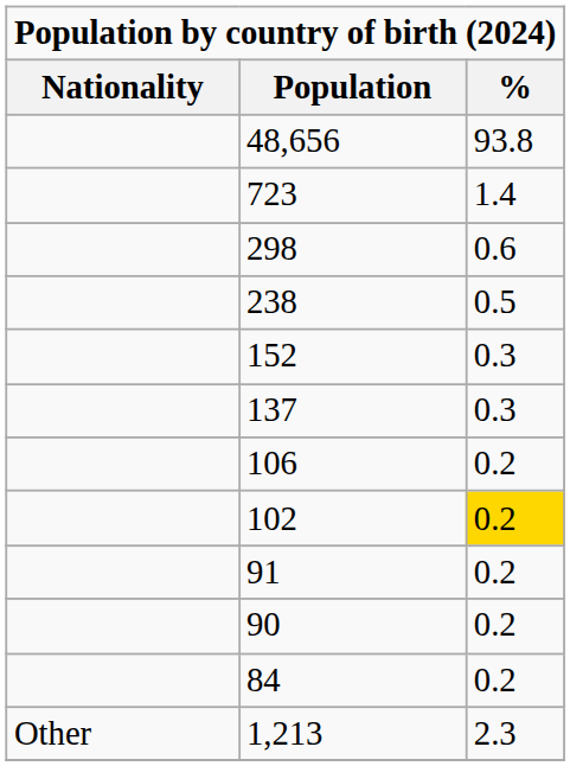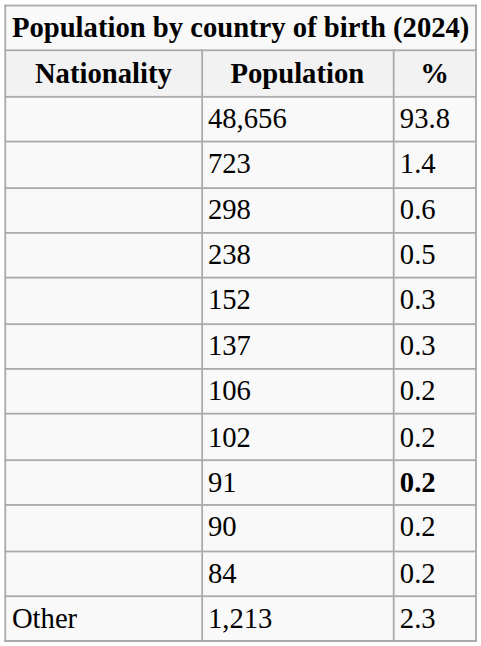 <table class="wikitable" style="float:right;">
 <tr>
 <td colspan="3"><strong>Population by country of birth (2024)</strong></td>
 </tr>
 <tr \>
 <th>Nationality</th>
 <th>Population</th>
 <th>%</th>
 </tr>
 <tr>
 <td></td>
 <td>48,656</td>
 <td>93.8</td>
 </tr>
 <tr>
 <td></td>
 <td>723</td>
 <td>1.4</td>
 </tr>
 <tr>
 <td></td>
 <td>298</td>
 <td>0.6</td>
 </tr>
 <tr>
 <td></td>
 <td>238</td>
 <td>0.5</td>
 </tr>
 <tr>
 <td></td>
 <td>152</td>
 <td>0.3</td>
 </tr>
 <tr>
 <td></td>
 <td>137</td>
 <td>0.3</td>
 </tr>
 <tr>
 <td></td>
 <td>106</td>
 <td>0.2</td>
 </tr>
 <tr>
 <td></td>
 <td>102</td>
-<td style="background: gold;">0.2</td>
+<td>0.2</td>
 </tr>
 <tr>
 <td></td>
 <td>91</td>
-<td>0.2</td>
+<td><strong>0.2</strong></td>
 </tr>
 <tr>
 <td></td>
 <td>90</td>
 <td>0.2</td>
 </tr>
 <tr>
 <td></td>
 <td>84</td>
 <td>0.2</td>
 </tr>
 <tr>
 <td>Other</td>
 <td>1,213</td>
 <td>2.3</td>
 </tr>
 <tr>
 </tr>
 </table>
